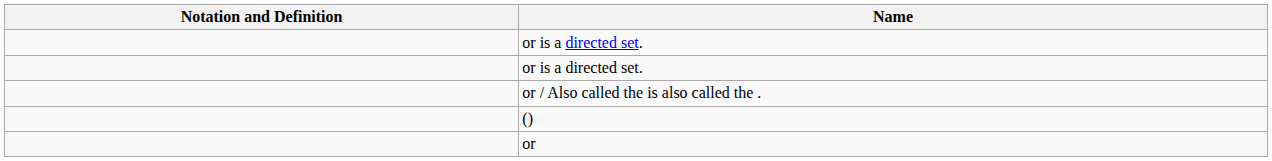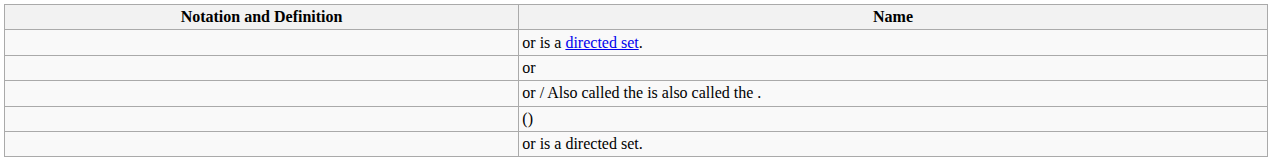 <table class="wikitable" style="width: 100%;">
 <tr>
 <th>Notation and Definition</th>
 <th>Name</th>
 </tr>
 <tr>
 <td style="padding:0.5% 2em 0.5% 2em;"></td>
 <td> or  is a <a href='#'>directed set</a>.</td>
 </tr>
 <tr>
 <td style="padding:0.5% 2em 0.5% 2em;"></td>
-<td> or  is a directed set.</td>
+<td> or </td>
 </tr>
 <tr>
 <td style="padding:0.5% 2em 0.5% 2em;"></td>
 <td> or / Also called the  is also called the .</td>
 </tr>
 <tr>
 <td style="padding:0.5% 2em 0.5% 2em;"></td>
 <td>() </td>
 </tr>
 <tr>
 <td style="padding:0.5% 2em 0.5% 2em;"></td>
-<td> or </td>
+<td> or  is a directed set.</td>
 </tr>
 </table>
